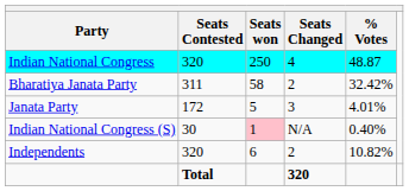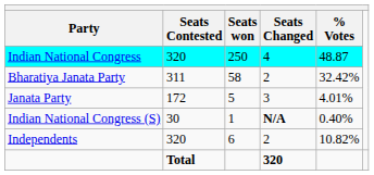 <table class="wikitable sortable">
 <tr>
 <th colspan=10></th>
 </tr>
 <tr>
 <th>Party</th>
 <th>Seats<br>Contested</th>
 <th>Seats<br>won</th>
 <th>Seats<br> Changed</th>
 <th>%<br>Votes</th>
 </tr>
 <tr style="background:cyan;">
 <td><a href='#'>Indian National Congress</a></td>
 <td>320</td>
 <td>250</td>
 <td>4</td>
 <td>48.87</td>
 </tr>
 <tr>
 <td><a href='#'>Bharatiya Janata Party</a></td>
 <td>311</td>
 <td>58</td>
 <td>2</td>
 <td>32.42%</td>
 </tr>
 <tr>
 <td><a href='#'>Janata Party</a></td>
 <td>172</td>
 <td>5</td>
 <td>3</td>
 <td>4.01%</td>
 </tr>
 <tr>
 <td><a href='#'>Indian National Congress (S)</a></td>
 <td>30</td>
-<td style="background: pink;">1</td>
-<td>N/A</td>
+<td>1</td>
+<td><strong>N/A</strong></td>
 <td>0.40%</td>
 </tr>
 <tr>
 <td><a href='#'>Independents</a></td>
 <td>320</td>
 <td>6</td>
 <td>2</td>
 <td>10.82%</td>
 </tr>
 <tr>
 <td></td>
 <td><strong>Total</strong></td>
 <td></td>
 <td><strong>320</strong></td>
 <td></td>
 <td></td>
 </tr>
 </table>
